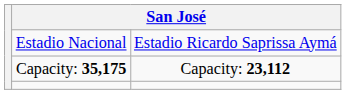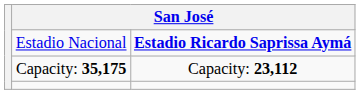 <table class="wikitable" style="text-align:center">
 <tr>
 <th rowspan="4"></th>
 <th colspan="2"><a href='#'>San José</a></th>
 </tr>
 <tr>
 <td><a href='#'>Estadio Nacional</a></td>
-<td><a href='#'>Estadio Ricardo Saprissa Aymá</a></td>
+<td><strong><a href='#'>Estadio Ricardo Saprissa Aymá</a></strong></td>
 </tr>
 <tr>
 <td>Capacity: <strong>35,175</strong></td>
 <td>Capacity: <strong>23,112</strong></td>
 </tr>
 <tr>
 <td></td>
 <td></td>
 </tr>
 </table>
